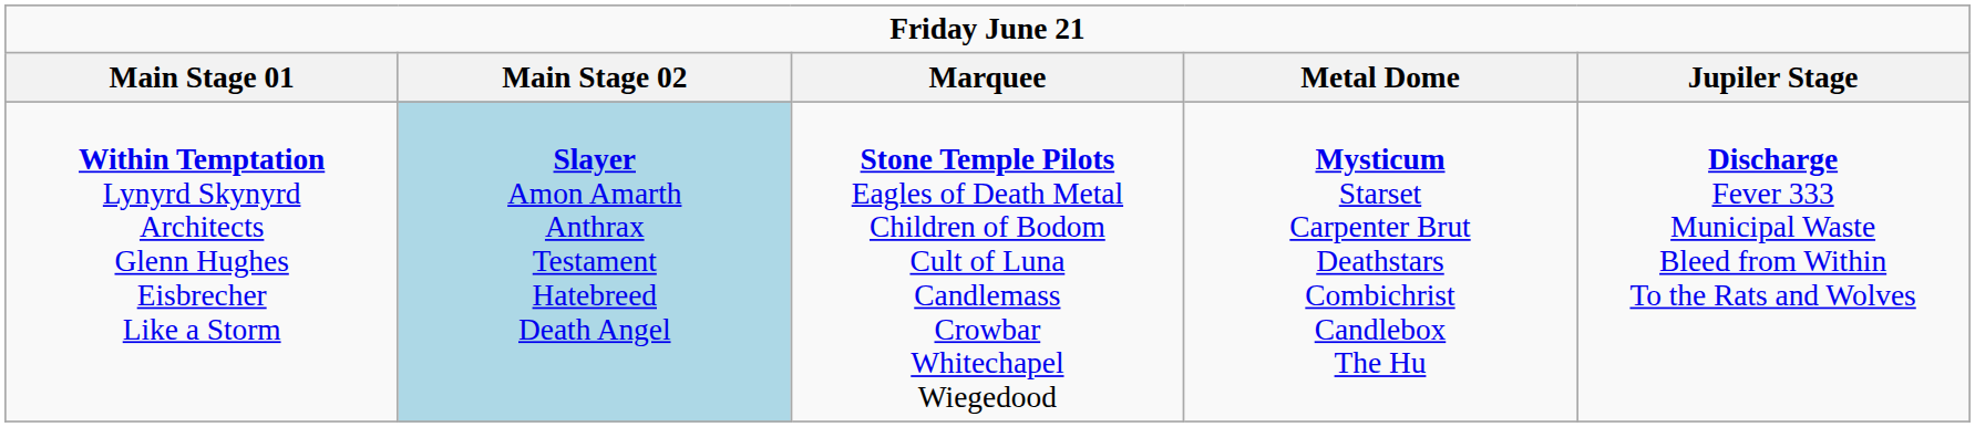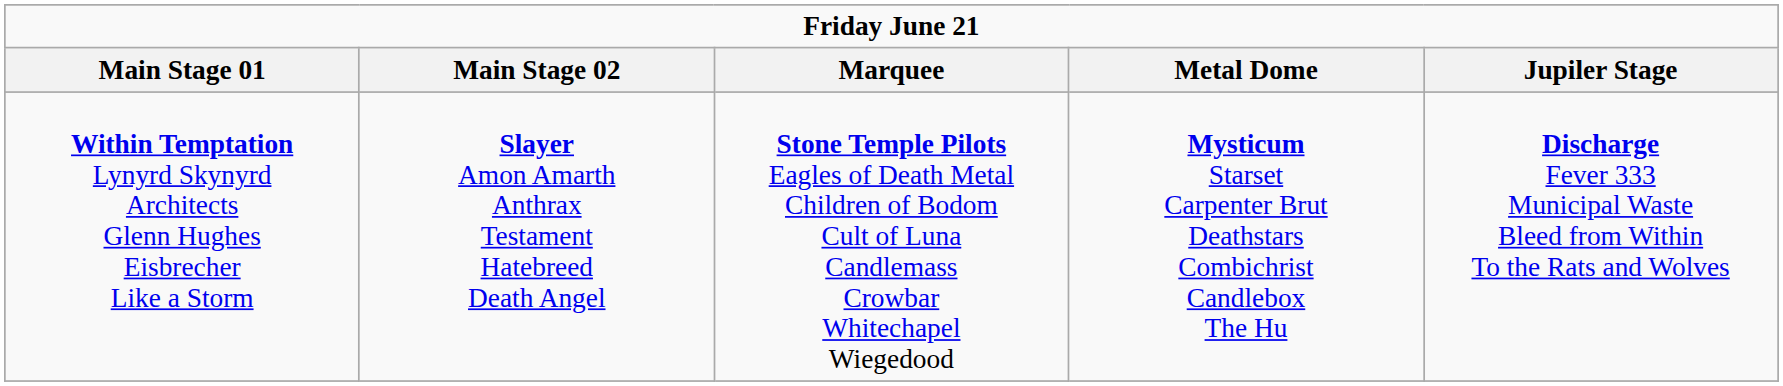 <table class="wikitable">
 <tr>
 <td colspan="5" style="text-align:center;"><strong>Friday June 21</strong></td>
 </tr>
 <tr>
 <th>Main Stage 01</th>
 <th>Main Stage 02</th>
 <th>Marquee</th>
 <th>Metal Dome</th>
 <th>Jupiler Stage</th>
 </tr>
 <tr>
 <td style="text-align:center; vertical-align:top; width:200px;"><br><strong><a href='#'>Within Temptation</a></strong> <br> <a href='#'>Lynyrd Skynyrd</a> <br> <a href='#'>Architects</a> <br> <a href='#'>Glenn Hughes</a> <br> <a href='#'>Eisbrecher</a><br> <a href='#'>Like a Storm</a><br></td>
-<td style="background: lightblue; text-align:center; vertical-align:top; width:200px;"><br><strong><a href='#'>Slayer</a></strong> <br> <a href='#'>Amon Amarth</a> <br> <a href='#'>Anthrax</a> <br> <a href='#'>Testament</a> <br> <a href='#'>Hatebreed</a> <br> <a href='#'>Death Angel</a> <br></td>
+<td style="text-align:center; vertical-align:top; width:200px;"><br><strong><a href='#'>Slayer</a></strong> <br> <a href='#'>Amon Amarth</a> <br> <a href='#'>Anthrax</a> <br> <a href='#'>Testament</a> <br> <a href='#'>Hatebreed</a> <br> <a href='#'>Death Angel</a> <br></td>
 <td style="text-align:center; vertical-align:top; width:200px;"><br><strong><a href='#'>Stone Temple Pilots</a></strong> <br> <a href='#'>Eagles of Death Metal</a> <br> <a href='#'>Children of Bodom</a> <br> <a href='#'>Cult of Luna</a> <br> <a href='#'>Candlemass</a> <br> <a href='#'>Crowbar</a> <br> <a href='#'>Whitechapel</a> <br> Wiegedood <br></td>
 <td style="text-align:center; vertical-align:top; width:200px;"><br><strong><a href='#'>Mysticum</a></strong> <br> <a href='#'>Starset</a> <br> <a href='#'>Carpenter Brut</a> <br> <a href='#'>Deathstars</a> <br> <a href='#'>Combichrist</a> <br> <a href='#'>Candlebox</a> <br> <a href='#'>The Hu</a> <br></td>
 <td style="text-align:center; vertical-align:top; width:200px;"><br><strong><a href='#'>Discharge</a></strong> <br> <a href='#'>Fever 333</a> <br> <a href='#'>Municipal Waste</a> <br> <a href='#'>Bleed from Within</a> <br> <a href='#'>To the Rats and Wolves</a> <br></td>
 </tr>
 </table>
